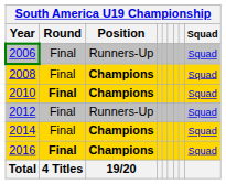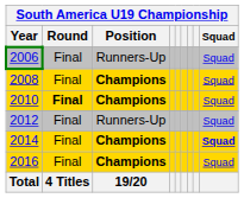 <table class="wikitable" style="text-align: center;">
 <tr>
 <th colspan=9><a href='#'>South America U19 Championship</a></th>
 </tr>
 <tr>
 <th>Year</th>
 <th>Round</th>
 <th>Position</th>
 <th></th>
 <th></th>
 <th></th>
 <th></th>
 <th></th>
 <th><small>Squad</small></th>
 </tr>
 <tr bgcolor=silver>
 <td Style="border:3px solid green"> <a href='#'>2006</a></td>
 <td>Final</td>
 <td>Runners-Up</td>
 <td></td>
 <td></td>
 <td></td>
 <td></td>
 <td></td>
 <td><small> <a href='#'>Squad</a></small></td>
 </tr>
 <tr bgcolor=gold>
 <td> <a href='#'>2008</a></td>
 <td>Final</td>
 <td><strong>Champions</strong></td>
 <td></td>
 <td></td>
 <td></td>
 <td></td>
 <td></td>
 <td><small> <a href='#'>Squad</a></small></td>
 </tr>
 <tr bgcolor=gold>
 <td> <a href='#'>2010</a></td>
 <td><strong>Final</strong></td>
 <td><strong>Champions</strong></td>
 <td></td>
 <td></td>
 <td></td>
 <td></td>
 <td></td>
 <td><small> <a href='#'>Squad</a></small></td>
 </tr>
 <tr bgcolor=silver>
 <td> <a href='#'>2012</a></td>
 <td>Final</td>
 <td>Runners-Up</td>
 <td></td>
 <td></td>
 <td></td>
 <td></td>
 <td></td>
 <td><small> <a href='#'>Squad</a></small></td>
 </tr>
 <tr bgcolor=gold>
 <td> <a href='#'>2014</a></td>
 <td>Final</td>
 <td><strong>Champions</strong></td>
 <td></td>
 <td></td>
 <td></td>
 <td></td>
 <td></td>
-<td><small> <a href='#'>Squad</a></small></td>
+<td><strong><small> <a href='#'>Squad</a></small></strong></td>
 </tr>
 <tr bgcolor=gold>
 <td> <a href='#'>2016</a></td>
-<td><strong>Final</strong></td>
+<td>Final</td>
 <td><strong>Champions</strong></td>
 <td></td>
 <td></td>
 <td></td>
 <td></td>
 <td></td>
 <td><small> <a href='#'>Squad</a></small></td>
 </tr>
 <tr>
 <th>Total</th>
 <th>4 Titles</th>
 <th>19/20</th>
 <th></th>
 <th></th>
 <th></th>
 <th></th>
 <th></th>
 <th></th>
 </tr>
 </table>
